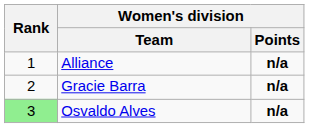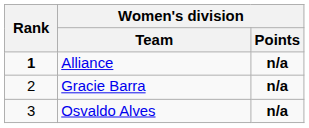 <table class="wikitable" style="text-align:center;">
 <tr>
 <th rowspan="2" width="50">Rank</th>
 <th colspan="2">Women's division</th>
 </tr>
 <tr>
 <th width="200">Team</th>
 <th width="50">Points</th>
 </tr>
 <tr>
-<td>1</td>
+<td><strong>1</strong></td>
 <td style=text-align:left><a href='#'>Alliance</a></td>
 <td><strong>n/a</strong></td>
 </tr>
 <tr>
 <td>2</td>
 <td style=text-align:left><a href='#'>Gracie Barra</a></td>
 <td><strong>n/a</strong></td>
 </tr>
 <tr>
-<td style="background: lightgreen;">3</td>
+<td>3</td>
 <td style=text-align:left><a href='#'>Osvaldo Alves</a></td>
 <td><strong>n/a</strong></td>
 </tr>
 </table>
